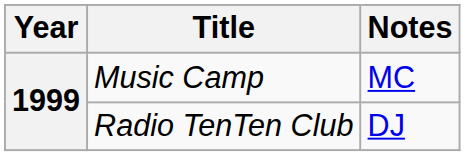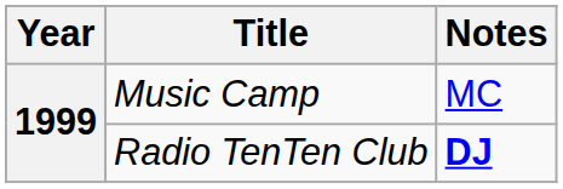 <table class="wikitable plainrowheaders sortable">
 <tr>
 <th scope="col">Year</th>
 <th scope="col">Title</th>
 <th scope="col">Notes</th>
 </tr>
 <tr>
 <th scope="row" rowspan="2">1999</th>
 <td><em>Music Camp</em></td>
 <td><a href='#'>MC</a></td>
 </tr>
 <tr>
 <td><em>Radio TenTen Club</em></td>
-<td><a href='#'>DJ</a></td>
+<td><strong><a href='#'>DJ</a></strong></td>
 </tr>
 </table>
